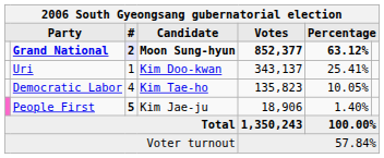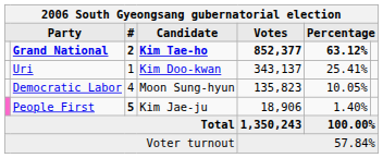 <table class="wikitable">
 <tr>
 <th colspan="7">2006 South Gyeongsang gubernatorial election</th>
 </tr>
 <tr>
 <th style="background-color:#E9E9E9" colspan=2>Party</th>
 <th style="background-color:#E9E9E9">#</th>
 <th style="background-color:#E9E9E9">Candidate</th>
 <th style="background-color:#E9E9E9">Votes</th>
 <th style="background-color:#E9E9E9" colspan=2>Percentage</th>
 </tr>
 <tr style="font-weight:bold">
 <td></td>
 <td align=left><a href='#'>Grand National</a></td>
-<td align=center style="background: lavender;">2</td>
-<td align=left>Moon Sung-hyun</td>
+<td align=center>2</td>
+<td align=left><a href='#'>Kim Tae-ho</a></td>
 <td align=right>852,377</td>
 <td align=right>63.12%</td>
 <td align=right></td>
 </tr>
 <tr>
 <td></td>
 <td align=left><a href='#'>Uri</a></td>
 <td align=center>1</td>
 <td align=left><a href='#'>Kim Doo-kwan</a></td>
 <td align=right>343,137</td>
 <td align=right>25.41%</td>
 <td align=right></td>
 </tr>
 <tr>
 <td></td>
 <td align=left><a href='#'>Democratic Labor</a></td>
 <td align=center>4</td>
-<td align=left><a href='#'>Kim Tae-ho</a></td>
+<td align=left>Moon Sung-hyun</td>
 <td align=right>135,823</td>
 <td align=right>10.05%</td>
 <td align=right></td>
 </tr>
 <tr>
 <td bgcolor="#FF66cc"></td>
 <td align=left><a href='#'>People First</a></td>
 <td align=center><strong>5</strong></td>
 <td align=left>Kim Jae-ju</td>
 <td align=right>18,906</td>
 <td align=right>1.40%</td>
 <td align=right></td>
 </tr>
 <tr bgcolor="#EEEEEE" style="font-weight:bold">
 <td colspan="4" align=right>Total</td>
 <td align=right>1,350,243</td>
 <td align=right colspan=2>100.00%</td>
 </tr>
 <tr bgcolor="#EEEEEE">
 <td colspan="4" align="right">Voter turnout</td>
 <td colspan="3" align="right">57.84%</td>
 </tr>
 </table>
